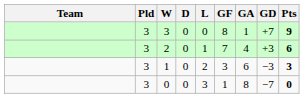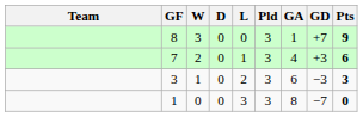 <table class="wikitable" style="text-align:center;">
 <tr>
 <th width=180>Team</th>
-<th width=20>Pld</th>
+<th width=20>GF</th>
 <th width=20>W</th>
 <th width=20>D</th>
 <th width=20>L</th>
-<th width=20>GF</th>
+<th width=20>Pld</th>
 <th width=20>GA</th>
 <th width=20>GD</th>
 <th width=20>Pts</th>
 </tr>
 <tr bgcolor="ccffcc">
 <td align="left"></td>
-<td>3</td>
+<td>8</td>
 <td>3</td>
 <td>0</td>
 <td>0</td>
-<td>8</td>
+<td>3</td>
 <td>1</td>
 <td>+7</td>
 <td><strong>9</strong></td>
 </tr>
 <tr bgcolor="ccffcc">
 <td align="left"></td>
-<td>3</td>
+<td>7</td>
 <td>2</td>
 <td>0</td>
 <td>1</td>
-<td>7</td>
+<td>3</td>
 <td>4</td>
 <td>+3</td>
 <td><strong>6</strong></td>
 </tr>
 <tr>
 <td align="left"></td>
 <td>3</td>
 <td>1</td>
 <td>0</td>
 <td>2</td>
 <td>3</td>
 <td>6</td>
 <td>−3</td>
 <td><strong>3</strong></td>
 </tr>
 <tr>
 <td align="left"></td>
-<td>3</td>
+<td>1</td>
 <td>0</td>
 <td>0</td>
 <td>3</td>
-<td>1</td>
+<td>3</td>
 <td>8</td>
 <td>−7</td>
 <td><strong>0</strong></td>
 </tr>
 </table>
